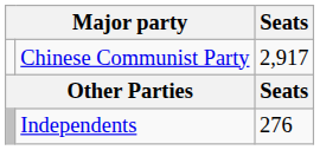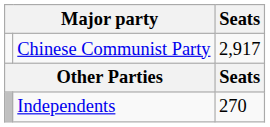 <table class="wikitable">
 <tr>
 <th colspan="2">Major party</th>
 <th>Seats</th>
 </tr>
 <tr>
 <td style="background: "></td>
 <td><a href='#'>Chinese Communist Party</a></td>
 <td>2,917</td>
 </tr>
 <tr>
 <th colspan="2">Other Parties</th>
 <th>Seats</th>
 </tr>
 <tr>
 <td style="background: #C0C0C0"></td>
 <td><a href='#'>Independents</a></td>
-<td>276</td>
+<td>270</td>
 </tr>
 </table>
